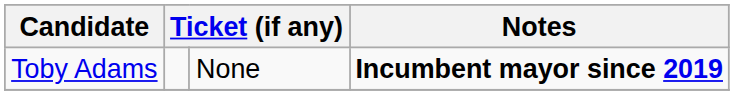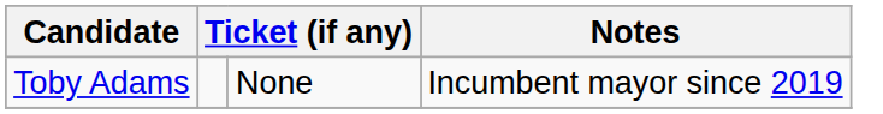 <table class="wikitable" style="font-size: 95%">
 <tr>
 <th>Candidate</th>
 <th colspan="2"><a href='#'>Ticket</a> (if any)</th>
 <th>Notes</th>
 </tr>
 <tr>
 <td><a href='#'>Toby Adams</a></td>
 <td style="background-color:"></td>
 <td>None</td>
-<td><strong>Incumbent mayor since <a href='#'>2019</a></strong></td>
+<td>Incumbent mayor since <a href='#'>2019</a></td>
 </tr>
 <tr>
 </tr>
 </table>
